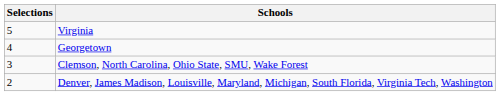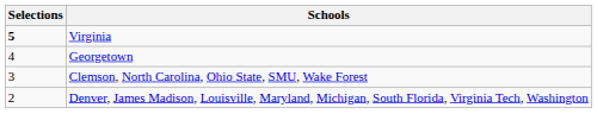 <table class="wikitable sortable" style="text-align:left">
 <tr>
 <th>Selections</th>
 <th class="unsortable">Schools</th>
 </tr>
 <tr>
-<td>5</td>
+<td><strong>5</strong></td>
 <td><a href='#'>Virginia</a></td>
 </tr>
 <tr>
 <td>4</td>
 <td><a href='#'>Georgetown</a></td>
 </tr>
 <tr>
 <td>3</td>
 <td><a href='#'>Clemson</a>, <a href='#'>North Carolina</a>, <a href='#'>Ohio State</a>, <a href='#'>SMU</a>, <a href='#'>Wake Forest</a></td>
 </tr>
 <tr>
 <td>2</td>
 <td><a href='#'>Denver</a>, <a href='#'>James Madison</a>, <a href='#'>Louisville</a>, <a href='#'>Maryland</a>, <a href='#'>Michigan</a>, <a href='#'>South Florida</a>, <a href='#'>Virginia Tech</a>, <a href='#'>Washington</a></td>
 </tr>
 </table>
